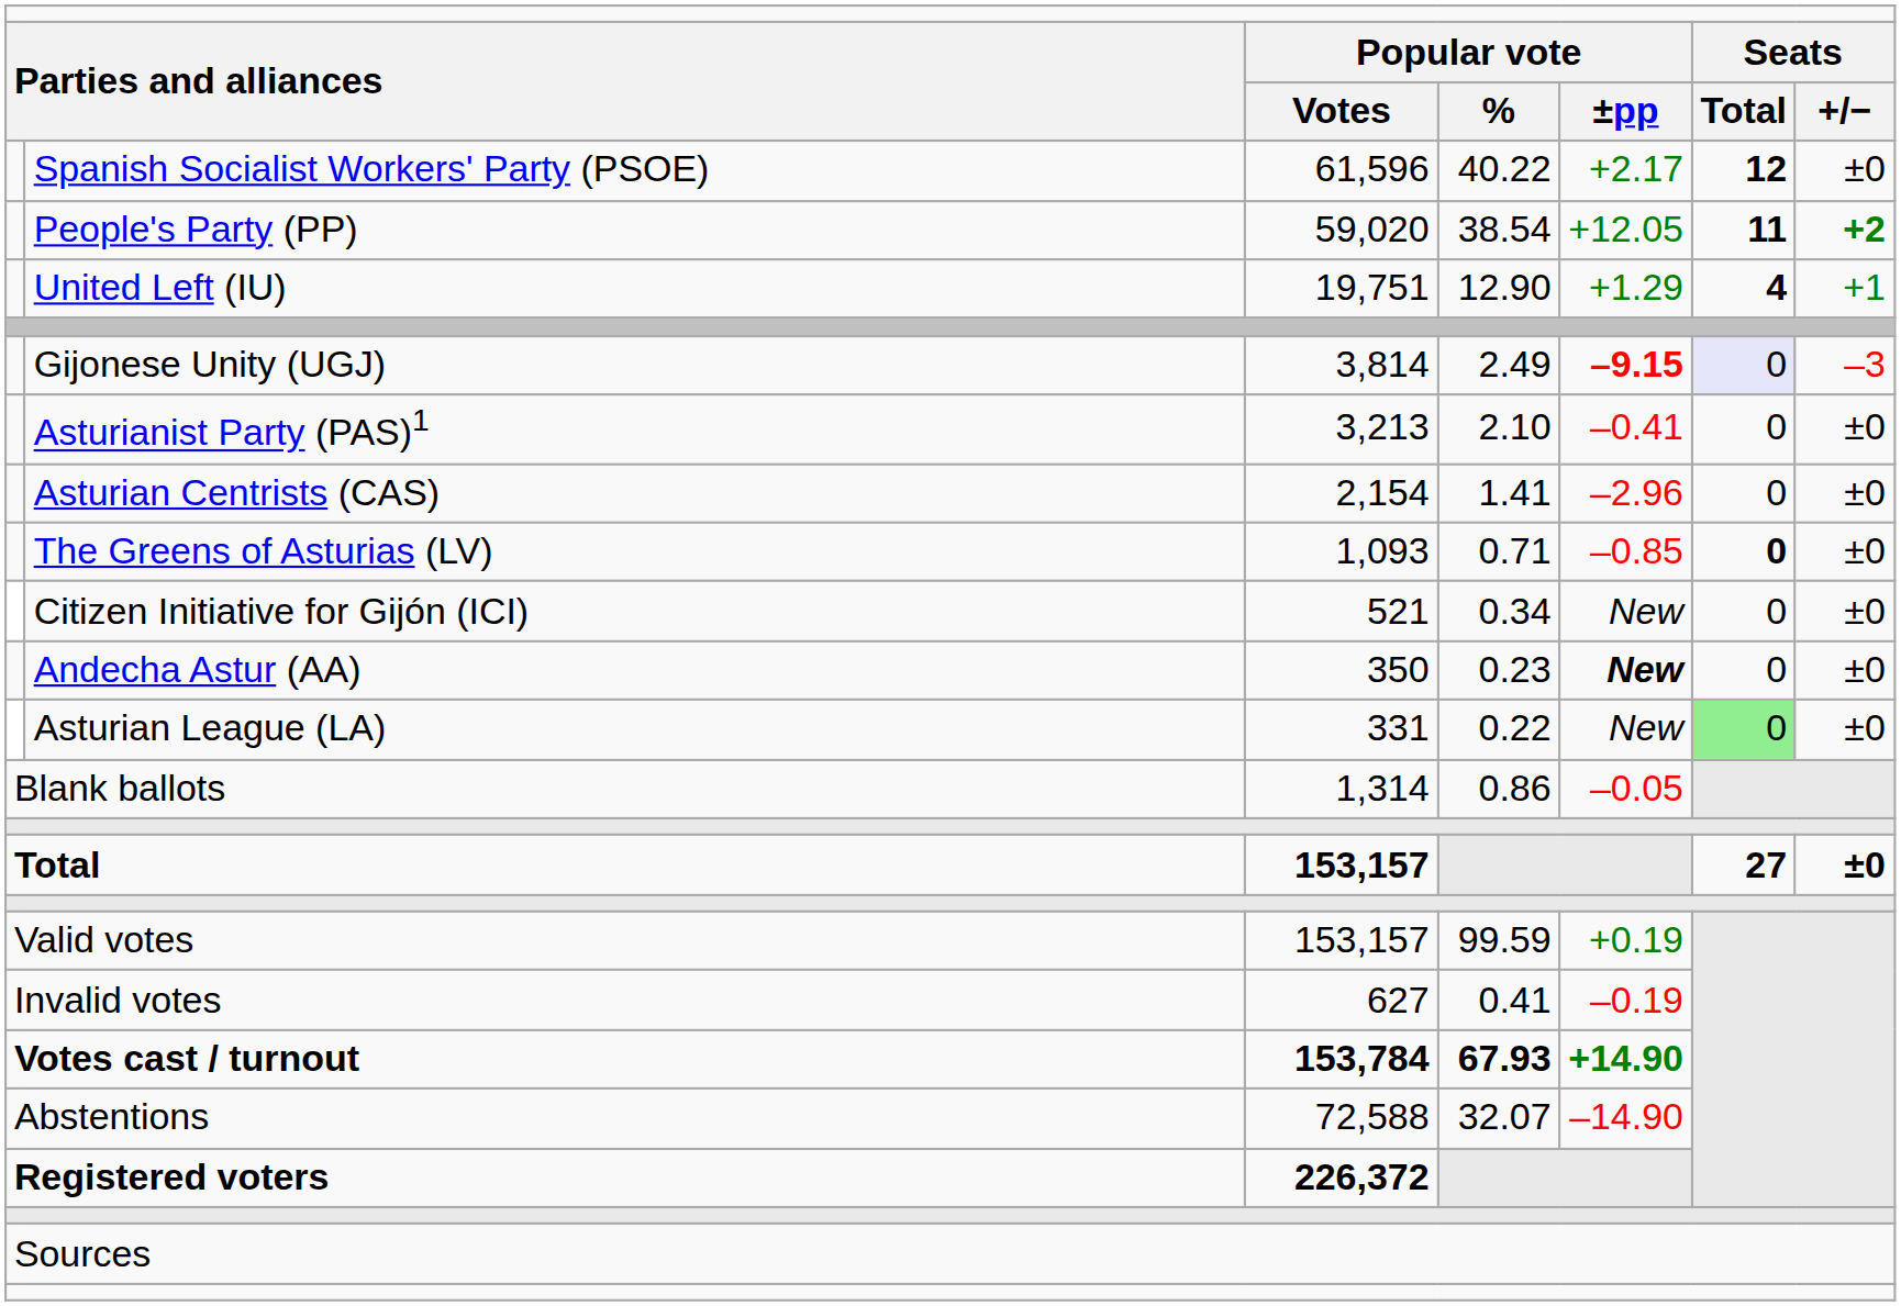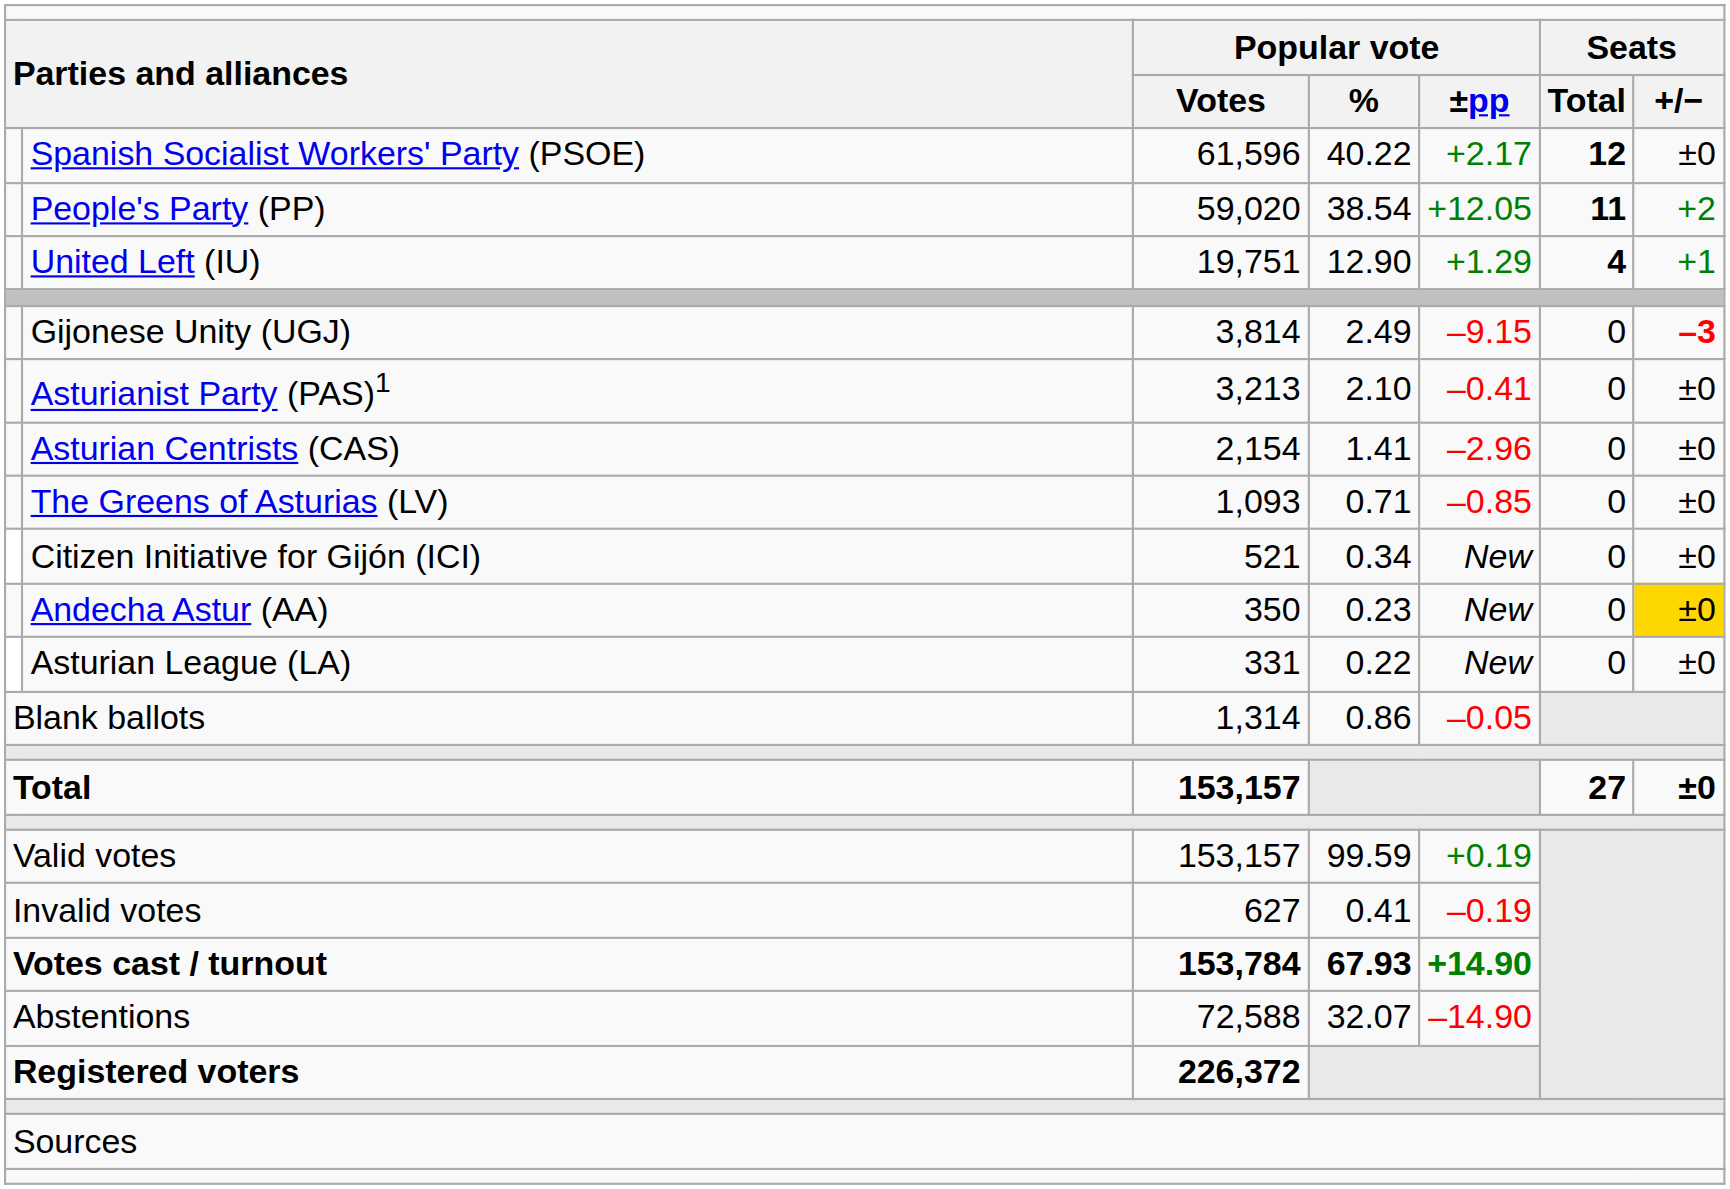 <table class="wikitable" style="text-align:right;">
 <tr>
 <td colspan="7"></td>
 </tr>
 <tr>
 <th style="text-align:left;" rowspan="2" colspan="2" width="525">Parties and alliances</th>
 <th colspan="3">Popular vote</th>
 <th colspan="2">Seats</th>
 </tr>
 <tr>
 <th width="75">Votes</th>
 <th width="45">%</th>
 <th width="45">±<a href='#'>pp</a></th>
 <th width="35">Total</th>
 <th width="35">+/−</th>
 </tr>
 <tr>
 <td width="1" style="color:inherit;background:"></td>
 <td align="left"><a href='#'>Spanish Socialist Workers' Party</a> (PSOE)</td>
 <td>61,596</td>
 <td>40.22</td>
 <td style="color:green;">+2.17</td>
 <td><strong>12</strong></td>
 <td>±0</td>
 </tr>
 <tr>
 <td style="color:inherit;background:"></td>
 <td align="left"><a href='#'>People's Party</a> (PP)</td>
 <td>59,020</td>
 <td>38.54</td>
 <td style="color:green;">+12.05</td>
 <td><strong>11</strong></td>
-<td style="color:green;"><strong>+2</strong></td>
+<td style="color:green;">+2</td>
 </tr>
 <tr>
 <td style="color:inherit;background:"></td>
 <td align="left"><a href='#'>United Left</a> (IU)</td>
 <td>19,751</td>
 <td>12.90</td>
 <td style="color:green;">+1.29</td>
 <td><strong>4</strong></td>
 <td style="color:green;">+1</td>
 </tr>
 <tr>
 <td colspan="7" bgcolor="#C0C0C0"></td>
 </tr>
 <tr>
 <td style="color:inherit;background:"></td>
 <td align="left">Gijonese Unity (UGJ)</td>
 <td>3,814</td>
 <td>2.49</td>
-<td style="color:red;"><strong>–9.15</strong></td>
-<td style="background: lavender;">0</td>
-<td style="color:red;">–3</td>
+<td style="color:red;">–9.15</td>
+<td>0</td>
+<td style="color:red;"><strong>–3</strong></td>
 </tr>
 <tr>
 <td style="color:inherit;background:"></td>
 <td align="left"><a href='#'>Asturianist Party</a> (PAS)<sup>1</sup></td>
 <td>3,213</td>
 <td>2.10</td>
 <td style="color:red;">–0.41</td>
 <td>0</td>
 <td>±0</td>
 </tr>
 <tr>
 <td style="color:inherit;background:"></td>
 <td align="left"><a href='#'>Asturian Centrists</a> (CAS)</td>
 <td>2,154</td>
 <td>1.41</td>
 <td style="color:red;">–2.96</td>
 <td>0</td>
 <td>±0</td>
 </tr>
 <tr>
 <td style="color:inherit;background:"></td>
 <td align="left"><a href='#'>The Greens of Asturias</a> (LV)</td>
 <td>1,093</td>
 <td>0.71</td>
 <td style="color:red;">–0.85</td>
-<td><strong>0</strong></td>
+<td>0</td>
 <td>±0</td>
 </tr>
 <tr>
 <td bgcolor="white"></td>
 <td align="left">Citizen Initiative for Gijón (ICI)</td>
 <td>521</td>
 <td>0.34</td>
 <td><em>New</em></td>
 <td>0</td>
 <td>±0</td>
 </tr>
 <tr>
 <td style="color:inherit;background:"></td>
 <td align="left"><a href='#'>Andecha Astur</a> (AA)</td>
 <td>350</td>
 <td>0.23</td>
-<td><strong><em>New</em></strong></td>
+<td><em>New</em></td>
 <td>0</td>
-<td>±0</td>
+<td style="background: gold;">±0</td>
 </tr>
 <tr>
 <td bgcolor="white"></td>
 <td align="left">Asturian League (LA)</td>
 <td>331</td>
 <td>0.22</td>
 <td><em>New</em></td>
-<td style="background: lightgreen;">0</td>
+<td>0</td>
 <td>±0</td>
 </tr>
 <tr>
 <td align="left" colspan="2">Blank ballots</td>
 <td>1,314</td>
 <td>0.86</td>
 <td style="color:red;">–0.05</td>
 <td bgcolor="#E9E9E9" colspan="2"></td>
 </tr>
 <tr>
 <td colspan="7" bgcolor="#E9E9E9"></td>
 </tr>
 <tr style="font-weight:bold;">
 <td align="left" colspan="2">Total</td>
 <td>153,157</td>
 <td bgcolor="#E9E9E9" colspan="2"></td>
 <td>27</td>
 <td>±0</td>
 </tr>
 <tr>
 <td colspan="7" bgcolor="#E9E9E9"></td>
 </tr>
 <tr>
 <td align="left" colspan="2">Valid votes</td>
 <td>153,157</td>
 <td>99.59</td>
 <td style="color:green;">+0.19</td>
 <td bgcolor="#E9E9E9" colspan="2" rowspan="5"></td>
 </tr>
 <tr>
 <td align="left" colspan="2">Invalid votes</td>
 <td>627</td>
 <td>0.41</td>
 <td style="color:red;">–0.19</td>
 </tr>
 <tr style="font-weight:bold;">
 <td align="left" colspan="2">Votes cast / turnout</td>
 <td>153,784</td>
 <td>67.93</td>
 <td style="color:green;">+14.90</td>
 </tr>
 <tr>
 <td align="left" colspan="2">Abstentions</td>
 <td>72,588</td>
 <td>32.07</td>
 <td style="color:red;">–14.90</td>
 </tr>
 <tr style="font-weight:bold;">
 <td align="left" colspan="2">Registered voters</td>
 <td>226,372</td>
 <td bgcolor="#E9E9E9" colspan="2"></td>
 </tr>
 <tr>
 <td colspan="7" bgcolor="#E9E9E9"></td>
 </tr>
 <tr>
 <td align="left" colspan="7">Sources</td>
 </tr>
 <tr>
 <td colspan="7" style="text-align:left; max-width:790px;"></td>
 </tr>
 </table>
